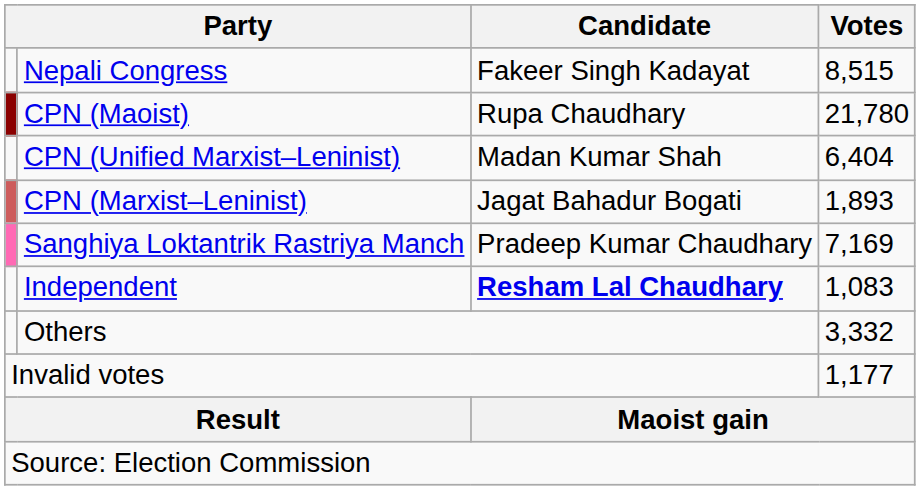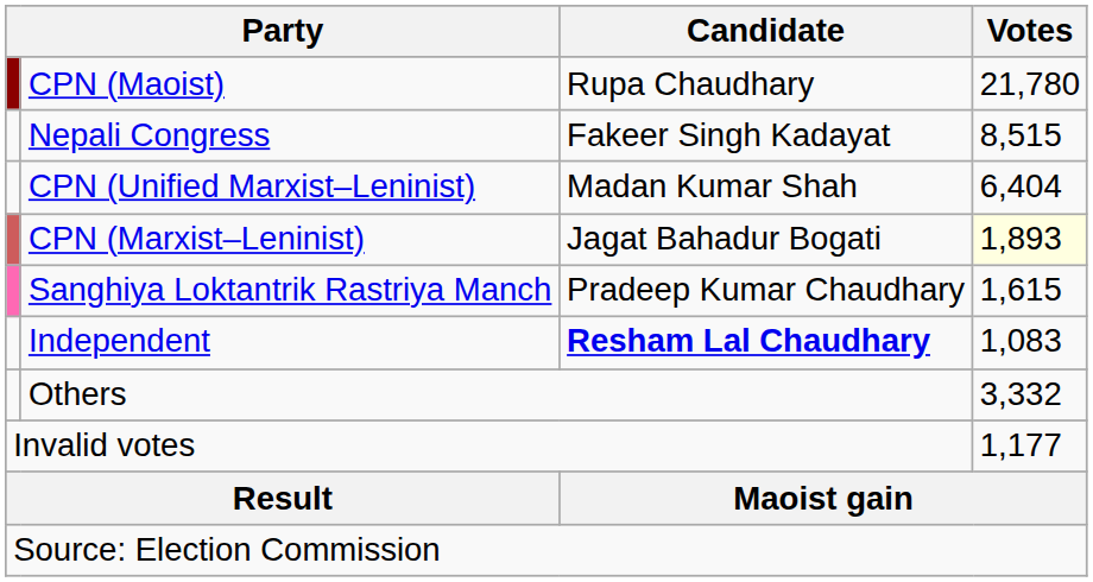 <table class="wikitable">
 <tr>
 <th colspan="2">Party</th>
 <th>Candidate</th>
 <th>Votes</th>
 </tr>
 <tr>
+<td style="background-color:darkred"></td>
+<td><a href='#'>CPN (Maoist)</a></td>
+<td>Rupa Chaudhary</td>
+<td>21,780</td>
+</tr>
+<tr>
 <td style="background-color:"></td>
 <td><a href='#'>Nepali Congress</a></td>
 <td>Fakeer Singh Kadayat</td>
 <td>8,515</td>
-</tr>
-<tr>
-<td style="background-color:darkred"></td>
-<td><a href='#'>CPN (Maoist)</a></td>
-<td>Rupa Chaudhary</td>
-<td>21,780</td>
 </tr>
 <tr>
 <td style="background-color:"></td>
 <td><a href='#'>CPN (Unified Marxist–Leninist)</a></td>
 <td>Madan Kumar Shah</td>
 <td>6,404</td>
 </tr>
 <tr>
 <td style="background-color:indianred"></td>
 <td><a href='#'>CPN (Marxist–Leninist)</a></td>
 <td>Jagat Bahadur Bogati</td>
-<td>1,893</td>
+<td style="background: lightyellow;">1,893</td>
 </tr>
 <tr>
 <td style="background-color:hotpink"></td>
 <td><a href='#'>Sanghiya Loktantrik Rastriya Manch</a></td>
 <td>Pradeep Kumar Chaudhary</td>
-<td>7,169</td>
+<td>1,615</td>
 </tr>
 <tr>
 <td style="background-color:"></td>
 <td><a href='#'>Independent</a></td>
 <td><strong><a href='#'>Resham Lal Chaudhary</a></strong></td>
 <td>1,083</td>
 </tr>
 <tr>
 <td></td>
 <td colspan="2">Others</td>
 <td>3,332</td>
 </tr>
 <tr>
 <td colspan="3">Invalid votes</td>
 <td>1,177</td>
 </tr>
 <tr>
 <th colspan="2">Result</th>
 <th colspan="2">Maoist gain</th>
 </tr>
 <tr>
 <td colspan="4">Source: Election Commission</td>
 </tr>
 </table>
